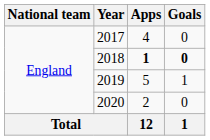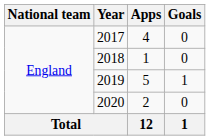 <table class=wikitable style=text-align:center>
 <tr>
 <th>National team</th>
 <th>Year</th>
 <th>Apps</th>
 <th>Goals</th>
 </tr>
 <tr>
 <td rowspan=4><a href='#'>England</a></td>
 <td>2017</td>
 <td>4</td>
 <td>0</td>
 </tr>
 <tr>
 <td>2018</td>
-<td><strong>1</strong></td>
-<td><strong>0</strong></td>
+<td>1</td>
+<td>0</td>
 </tr>
 <tr>
 <td>2019</td>
 <td>5</td>
 <td>1</td>
 </tr>
 <tr>
 <td>2020</td>
 <td>2</td>
 <td>0</td>
 </tr>
 <tr>
 <th colspan=2>Total</th>
 <th>12</th>
 <th>1</th>
 </tr>
 </table>
